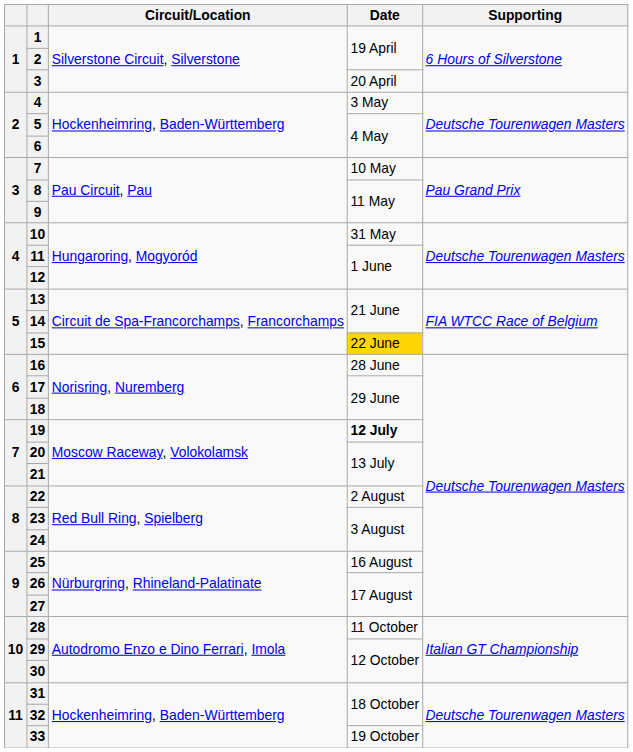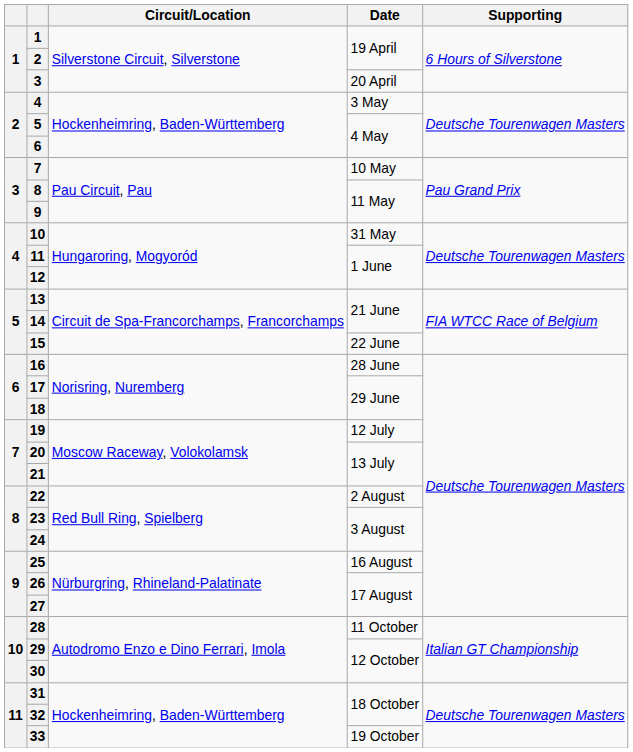 <table class="wikitable" style="font-size: 85%">
 <tr>
 <th></th>
 <th></th>
 <th>Circuit/Location</th>
 <th>Date</th>
 <th>Supporting</th>
 </tr>
 <tr>
 <th rowspan=3>1</th>
 <th>1</th>
 <td rowspan=3> <a href='#'>Silverstone Circuit</a>, <a href='#'>Silverstone</a></td>
 <td rowspan=2>19 April</td>
 <td rowspan=3><em><a href='#'>6 Hours of Silverstone</a></em></td>
 </tr>
 <tr>
 <th>2</th>
 </tr>
 <tr>
 <th>3</th>
 <td>20 April</td>
 </tr>
 <tr>
 <th rowspan=3>2</th>
 <th>4</th>
 <td rowspan=3> <a href='#'>Hockenheimring</a>, <a href='#'>Baden-Württemberg</a></td>
 <td>3 May</td>
 <td rowspan=3><em><a href='#'>Deutsche Tourenwagen Masters</a></em></td>
 </tr>
 <tr>
 <th>5</th>
 <td rowspan=2>4 May</td>
 </tr>
 <tr>
 <th>6</th>
 </tr>
 <tr>
 <th rowspan=3>3</th>
 <th>7</th>
 <td rowspan=3> <a href='#'>Pau Circuit</a>, <a href='#'>Pau</a></td>
 <td>10 May</td>
 <td rowspan=3><em><a href='#'>Pau Grand Prix</a></em></td>
 </tr>
 <tr>
 <th>8</th>
 <td rowspan=2>11 May</td>
 </tr>
 <tr>
 <th>9</th>
 </tr>
 <tr>
 <th rowspan=3>4</th>
 <th>10</th>
 <td rowspan=3> <a href='#'>Hungaroring</a>, <a href='#'>Mogyoród</a></td>
 <td>31 May</td>
 <td rowspan=3><em><a href='#'>Deutsche Tourenwagen Masters</a></em></td>
 </tr>
 <tr>
 <th>11</th>
 <td rowspan=2>1 June</td>
 </tr>
 <tr>
 <th>12</th>
 </tr>
 <tr>
 <th rowspan=3>5</th>
 <th>13</th>
 <td rowspan=3> <a href='#'>Circuit de Spa-Francorchamps</a>, <a href='#'>Francorchamps</a></td>
 <td rowspan=2>21 June</td>
 <td rowspan=3><em><a href='#'>FIA WTCC Race of Belgium</a></em></td>
 </tr>
 <tr>
 <th>14</th>
 </tr>
 <tr>
 <th>15</th>
-<td style="background: gold;">22 June</td>
+<td>22 June</td>
 </tr>
 <tr>
 <th rowspan=3>6</th>
 <th>16</th>
 <td rowspan=3> <a href='#'>Norisring</a>, <a href='#'>Nuremberg</a></td>
 <td>28 June</td>
 <td rowspan=12><em><a href='#'>Deutsche Tourenwagen Masters</a></em></td>
 </tr>
 <tr>
 <th>17</th>
 <td rowspan=2>29 June</td>
 </tr>
 <tr>
 <th>18</th>
 </tr>
 <tr>
 <th rowspan=3>7</th>
 <th>19</th>
 <td rowspan=3> <a href='#'>Moscow Raceway</a>, <a href='#'>Volokolamsk</a></td>
-<td><strong>12 July</strong></td>
+<td>12 July</td>
 </tr>
 <tr>
 <th>20</th>
 <td rowspan=2>13 July</td>
 </tr>
 <tr>
 <th>21</th>
 </tr>
 <tr>
 <th rowspan=3>8</th>
 <th>22</th>
 <td rowspan=3> <a href='#'>Red Bull Ring</a>, <a href='#'>Spielberg</a></td>
 <td>2 August</td>
 </tr>
 <tr>
 <th>23</th>
 <td rowspan=2>3 August</td>
 </tr>
 <tr>
 <th>24</th>
 </tr>
 <tr>
 <th rowspan=3>9</th>
 <th>25</th>
 <td rowspan=3> <a href='#'>Nürburgring</a>, <a href='#'>Rhineland-Palatinate</a></td>
 <td>16 August</td>
 </tr>
 <tr>
 <th>26</th>
 <td rowspan=2>17 August</td>
 </tr>
 <tr>
 <th>27</th>
 </tr>
 <tr>
 <th rowspan=3>10</th>
 <th>28</th>
 <td rowspan=3> <a href='#'>Autodromo Enzo e Dino Ferrari</a>, <a href='#'>Imola</a></td>
 <td>11 October</td>
 <td rowspan=3><em><a href='#'>Italian GT Championship</a></em></td>
 </tr>
 <tr>
 <th>29</th>
 <td rowspan=2>12 October</td>
 </tr>
 <tr>
 <th>30</th>
 </tr>
 <tr>
 <th rowspan=3>11</th>
 <th>31</th>
 <td rowspan=3> <a href='#'>Hockenheimring</a>, <a href='#'>Baden-Württemberg</a></td>
 <td rowspan=2>18 October</td>
 <td rowspan=3><em><a href='#'>Deutsche Tourenwagen Masters</a></em></td>
 </tr>
 <tr>
 <th>32</th>
 </tr>
 <tr>
 <th>33</th>
 <td>19 October</td>
 </tr>
 </table>
